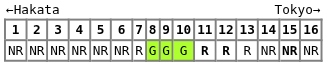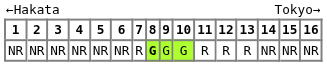 <table cellspacing=0 cellpadding=2>
 <tr>
 <td colspan=8 style="text-align:left">←Hakata</td>
 <td colspan=8 style="text-align:right">Tokyo→</td>
 </tr>
 <tr>
 <th style="border-top:solid 2px gray;border-left:solid 2px gray;border-right:solid 2px gray;">1</th>
 <th style="border-top:solid 2px gray;border-right:solid 2px gray;">2</th>
 <th style="border-top:solid 2px gray;border-right:solid 2px gray;">3</th>
 <th style="border-top:solid 2px gray;border-right:solid 2px gray;">4</th>
 <th style="border-top:solid 2px gray;border-right:solid 2px gray;">5</th>
 <th style="border-top:solid 2px gray;border-right:solid 2px gray;">6</th>
 <th style="border-top:solid 2px gray;border-right:solid 2px gray;">7</th>
 <th style="border-top:solid 2px gray;border-right:solid 2px gray;">8</th>
 <th style="border-top:solid 2px gray;border-right:solid 2px gray;">9</th>
 <th style="border-top:solid 2px gray;border-right:solid 2px gray;">10</th>
 <th style="border-top:solid 2px gray;border-right:solid 2px gray;">11</th>
 <th style="border-top:solid 2px gray;border-right:solid 2px gray;">12</th>
 <th style="border-top:solid 2px gray;border-right:solid 2px gray;">13</th>
 <th style="border-top:solid 2px gray;border-right:solid 2px gray;">14</th>
 <th style="border-top:solid 2px gray;border-right:solid 2px gray;">15</th>
 <th style="border-top:solid 2px gray;border-right:solid 2px gray;">16</th>
 </tr>
 <tr style="text-align:center;">
 <td style="border:solid 2px gray; bgcolor=white;">NR</td>
 <td style="border-top:solid 2px gray;border-bottom:solid 2px gray;border-right:solid 2px gray; background:white;">NR</td>
 <td style="border-top:solid 2px gray;border-bottom:solid 2px gray;border-right:solid 2px gray; background:white;">NR</td>
 <td style="border-top:solid 2px gray;border-bottom:solid 2px gray;border-right:solid 2px gray; background:white;">NR</td>
 <td style="border-top:solid 2px gray;border-bottom:solid 2px gray;border-right:solid 2px gray; background:white;">NR</td>
 <td style="border-top:solid 2px gray;border-bottom:solid 2px gray;border-right:solid 2px gray; background:white;">NR</td>
 <td style="border-top:solid 2px gray;border-bottom:solid 2px gray;border-right:solid 2px gray; background:white;">R</td>
+<td style="border-top:solid 2px gray;border-bottom:solid 2px gray;border-right:solid 2px gray; background:greenyellow;"><strong>G</strong></td>
 <td style="border-top:solid 2px gray;border-bottom:solid 2px gray;border-right:solid 2px gray; background:greenyellow;">G</td>
 <td style="border-top:solid 2px gray;border-bottom:solid 2px gray;border-right:solid 2px gray; background:greenyellow;">G</td>
-<td style="border-top:solid 2px gray;border-bottom:solid 2px gray;border-right:solid 2px gray; background:greenyellow;">G</td>
-<td style="border-top:solid 2px gray;border-bottom:solid 2px gray;border-right:solid 2px gray; background:white;"><strong>R</strong></td>
-<td style="border-top:solid 2px gray;border-bottom:solid 2px gray;border-right:solid 2px gray; background:white;"><strong>R</strong></td>
+<td style="border-top:solid 2px gray;border-bottom:solid 2px gray;border-right:solid 2px gray; background:white;">R</td>
+<td style="border-top:solid 2px gray;border-bottom:solid 2px gray;border-right:solid 2px gray; background:white;">R</td>
 <td style="border-top:solid 2px gray;border-bottom:solid 2px gray;border-right:solid 2px gray; background:white;">R</td>
 <td style="border-top:solid 2px gray;border-bottom:solid 2px gray;border-right:solid 2px gray; background:white;">NR</td>
-<td style="border-top:solid 2px gray;border-bottom:solid 2px gray;border-right:solid 2px gray; background:white;"><strong>NR</strong></td>
+<td style="border-top:solid 2px gray;border-bottom:solid 2px gray;border-right:solid 2px gray; background:white;">NR</td>
 <td style="border-top:solid 2px gray;border-bottom:solid 2px gray;border-right:solid 2px gray; background:white;">NR</td>
 </tr>
 </table>
